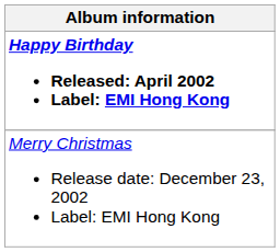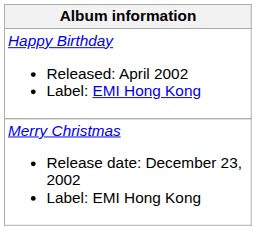 <table class="wikitable">
 <tr>
 <th align="left" width="250px">Album information</th>
 </tr>
 <tr>
 </tr>
 <tr bgcolor="#FFFFFF">
-<td align="left"><strong><em><a href='#'>Happy Birthday</a></em><br><ul><li>Released: April 2002</li><li>Label: <a href='#'>EMI Hong Kong</a></li></ul></strong></td>
+<td align="left"><em><a href='#'>Happy Birthday</a></em><br><ul><li>Released: April 2002</li><li>Label: <a href='#'>EMI Hong Kong</a></li></ul></td>
 </tr>
 <tr>
 </tr>
 <tr bgcolor="#FFFFFF">
 <td align="left"><em><a href='#'>Merry Christmas</a></em><br><ul><li>Release date: December 23, 2002</li><li>Label: EMI Hong Kong</li></ul></td>
 </tr>
 </table>
